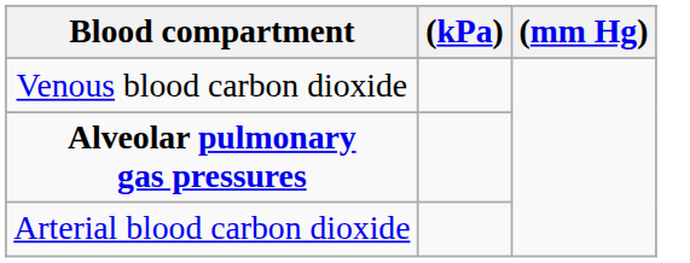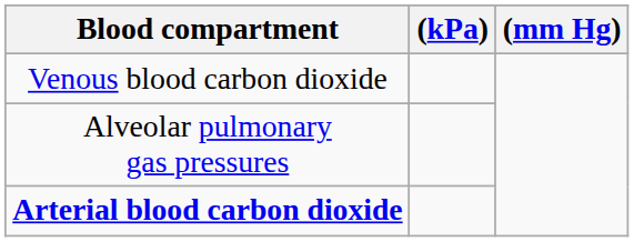 <table class="wikitable floatright" style="text-align: center;">
 <tr>
 <th>Blood compartment</th>
 <th>(<a href='#'>kPa</a>)</th>
 <th>(<a href='#'>mm Hg</a>)</th>
 </tr>
 <tr>
 <td><a href='#'>Venous</a> blood carbon dioxide</td>
 <td></td>
 </tr>
 <tr>
-<td><strong>Alveolar <a href='#'>pulmonary<br>gas pressures</a></strong></td>
+<td>Alveolar <a href='#'>pulmonary<br>gas pressures</a></td>
 <td></td>
 </tr>
 <tr>
-<td><a href='#'>Arterial blood carbon dioxide</a></td>
+<td><strong><a href='#'>Arterial blood carbon dioxide</a></strong></td>
 <td></td>
 </tr>
 </table>
